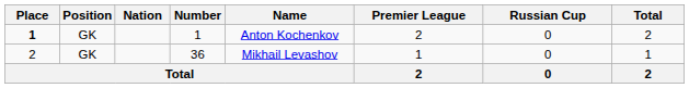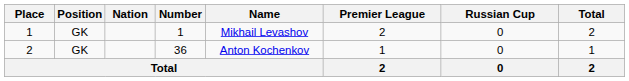 <table class="wikitable" style="font-size: 95%; text-align: center;">
 <tr>
 <th width=60>Place</th>
 <th width=60>Position</th>
 <th width=60>Nation</th>
 <th width=60>Number</th>
 <th width=150>Name</th>
 <th width=150>Premier League</th>
 <th width=150>Russian Cup</th>
 <th width=80>Total</th>
 </tr>
 <tr>
-<td><strong>1</strong></td>
+<td>1</td>
 <td>GK</td>
 <td></td>
 <td>1</td>
-<td><a href='#'>Anton Kochenkov</a></td>
+<td><a href='#'>Mikhail Levashov</a></td>
 <td>2</td>
 <td>0</td>
 <td>2</td>
 </tr>
 <tr>
 <td>2</td>
 <td>GK</td>
 <td></td>
 <td>36</td>
-<td><a href='#'>Mikhail Levashov</a></td>
+<td><a href='#'>Anton Kochenkov</a></td>
 <td>1</td>
 <td>0</td>
 <td>1</td>
 </tr>
 <tr>
 <th colspan=5>Total</th>
 <th>2</th>
 <th>0</th>
 <th>2</th>
 </tr>
 </table>
